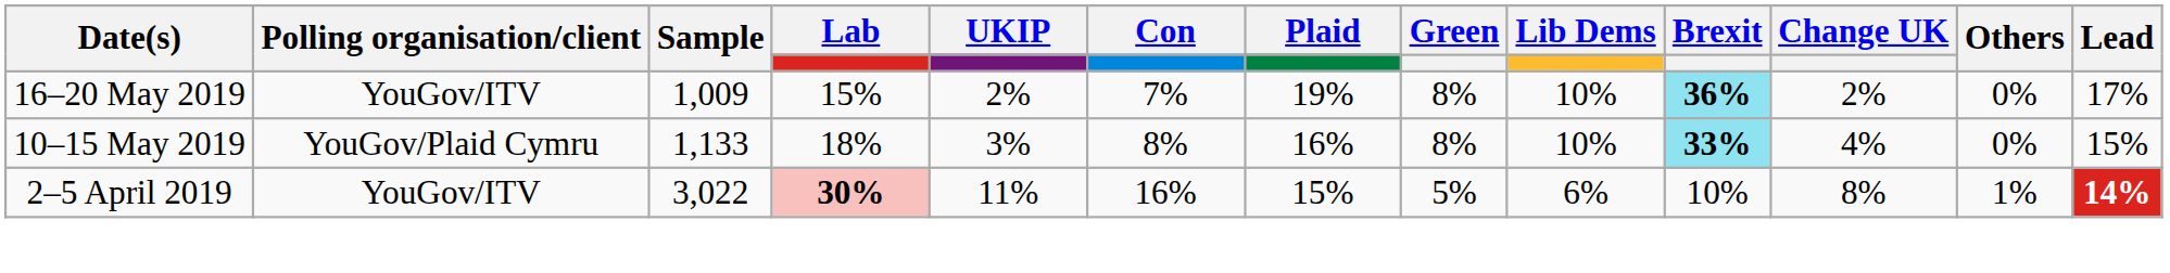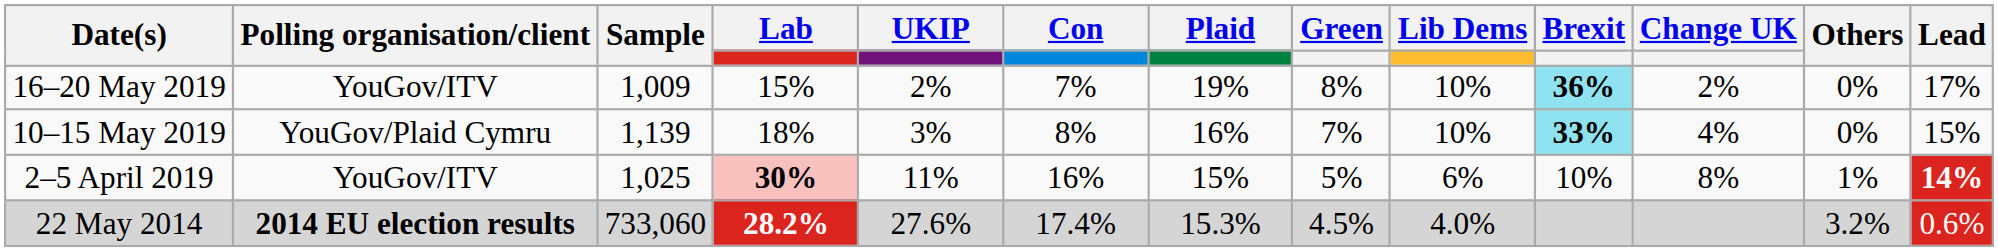 <table class="wikitable sortable" style="text-align:center;font-size:90%;line-height:14px">
 <tr>
 <th rowspan="2">Date(s)</th>
 <th rowspan="2">Polling organisation/client</th>
 <th rowspan="2" class="unsortable">Sample</th>
 <th><a href='#'>Lab</a></th>
 <th><a href='#'>UKIP</a></th>
 <th><a href='#'>Con</a></th>
 <th><a href='#'>Plaid</a></th>
 <th><a href='#'>Green</a></th>
 <th><a href='#'>Lib Dems</a></th>
 <th><a href='#'>Brexit</a></th>
 <th><a href='#'>Change UK</a></th>
 <th rowspan="2" class="unsortable">Others</th>
 <th rowspan="2" class="unsortable">Lead</th>
 </tr>
 <tr>
 <th class="unsortable" style="color:inherit;background:#dc241f; width:60px;"></th>
 <th class="unsortable" style="color:inherit;background:#70147a; width:60px;"></th>
 <th class="unsortable" style="color:inherit;background:#0087dc; width:60px;"></th>
 <th class="unsortable" style="color:inherit;background:#008142; width:60px;"></th>
 <th class="unsortable" style="color:inherit;background:"></th>
 <th class="unsortable" style="color:inherit;background:#fdbb30; width:60px;"></th>
 <th class="unsortable" style="color:inherit;background:"></th>
 <th class="unsortable" style="color:inherit;background:"></th>
 </tr>
 <tr>
 <td>16–20 May 2019</td>
 <td>YouGov/ITV</td>
 <td>1,009</td>
 <td>15%</td>
 <td>2%</td>
 <td>7%</td>
 <td>19%</td>
 <td>8%</td>
 <td>10%</td>
 <td style="background:#8fe2ef;"><strong>36%</strong></td>
 <td>2%</td>
 <td>0%</td>
 <td style="background:">17%</td>
 </tr>
 <tr>
 <td>10–15 May 2019</td>
 <td>YouGov/Plaid Cymru</td>
-<td>1,133</td>
+<td>1,139</td>
 <td>18%</td>
 <td>3%</td>
 <td>8%</td>
 <td>16%</td>
-<td>8%</td>
+<td>7%</td>
 <td>10%</td>
 <td style="background:#8fe2ef;"><strong>33%</strong></td>
 <td>4%</td>
 <td>0%</td>
 <td style="background:">15%</td>
 </tr>
 <tr>
 <td>2–5 April 2019</td>
 <td>YouGov/ITV</td>
-<td>3,022</td>
+<td>1,025</td>
 <td style="background:#F8C1BE"><strong>30%</strong></td>
 <td>11%</td>
 <td>16%</td>
 <td>15%</td>
 <td>5%</td>
 <td>6%</td>
 <td>10%</td>
 <td>8%</td>
 <td>1%</td>
 <td style="background:#DC241F; color:white;"><strong>14%</strong></td>
 </tr>
+<tr>
+<td style="background:#D5D5D5">22 May 2014</td>
+<td style="background:#D5D5D5"><strong>2014 EU election results</strong></td>
+<td style="background:#D5D5D5">733,060</td>
+<td style="background:#DC241F; color:white;"><strong>28.2%</strong></td>
+<td style="background:#D5D5D5">27.6%</td>
+<td style="background:#D5D5D5">17.4%</td>
+<td style="background:#D5D5D5">15.3%</td>
+<td style="background:#D5D5D5">4.5%</td>
+<td style="background:#D5D5D5">4.0%</td>
+<td style="background:#D5D5D5"></td>
+<td style="background:#D5D5D5"></td>
+<td style="background:#D5D5D5">3.2%</td>
+<td style="background:#DC241F; color:white;">0.6%</td>
+</tr>
 </table>
